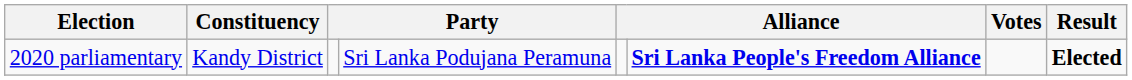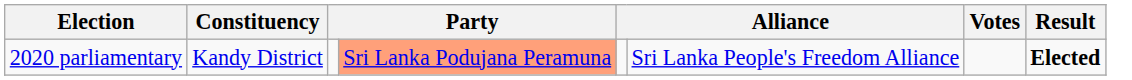 <table class="wikitable" style="text-align:left;">
 <tr>
 <th scope=col>Election</th>
 <th scope=col>Constituency</th>
 <th scope=col colspan="2">Party</th>
 <th scope=col colspan="2">Alliance</th>
 <th scope=col>Votes</th>
 <th scope=col>Result</th>
 </tr>
 <tr>
 <td><a href='#'>2020 parliamentary</a></td>
 <td><a href='#'>Kandy District</a></td>
 <td style="background:"></td>
-<td><a href='#'>Sri Lanka Podujana Peramuna</a></td>
+<td style="background: lightsalmon;"><a href='#'>Sri Lanka Podujana Peramuna</a></td>
 <td style="background:"></td>
-<td><strong><a href='#'>Sri Lanka People's Freedom Alliance</a></strong></td>
+<td><a href='#'>Sri Lanka People's Freedom Alliance</a></td>
 <td align=right></td>
 <td><strong>Elected</strong></td>
 </tr>
 </table>
